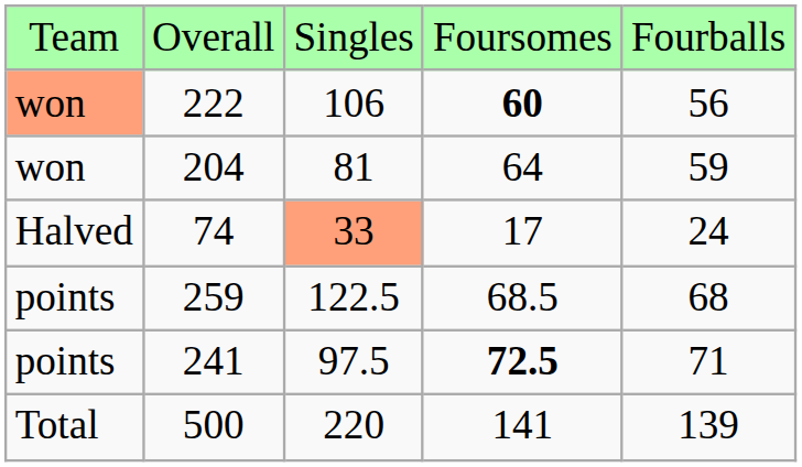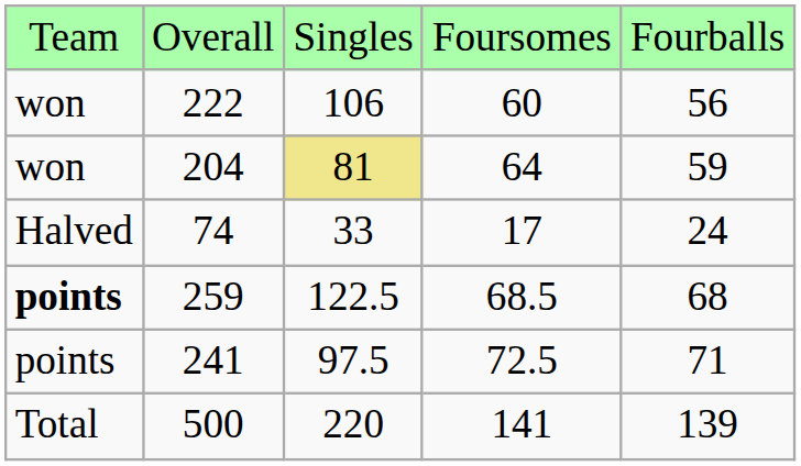 <table class="wikitable" style="text-align:center">
 <tr style="background:#aaffaa;">
 <td>Team</td>
 <td>Overall</td>
 <td>Singles</td>
 <td>Foursomes</td>
 <td>Fourballs</td>
 </tr>
 <tr>
-<td align=left style="background: lightsalmon;"> won</td>
+<td align=left> won</td>
 <td>222</td>
 <td>106</td>
-<td><strong>60</strong></td>
+<td>60</td>
 <td>56</td>
 </tr>
 <tr>
 <td align=left> won</td>
 <td>204</td>
-<td>81</td>
+<td style="background: khaki;">81</td>
 <td>64</td>
 <td>59</td>
 </tr>
 <tr>
 <td align=left>Halved</td>
 <td>74</td>
-<td style="background: lightsalmon;">33</td>
+<td>33</td>
 <td>17</td>
 <td>24</td>
 </tr>
 <tr>
-<td align=left> points</td>
+<td align=left><strong> points</strong></td>
 <td>259</td>
 <td>122.5</td>
 <td>68.5</td>
 <td>68</td>
 </tr>
 <tr>
 <td align=left> points</td>
 <td>241</td>
 <td>97.5</td>
-<td><strong>72.5</strong></td>
+<td>72.5</td>
 <td>71</td>
 </tr>
 <tr>
 <td align=left>Total</td>
 <td>500</td>
 <td>220</td>
 <td>141</td>
 <td>139</td>
 </tr>
 </table>
